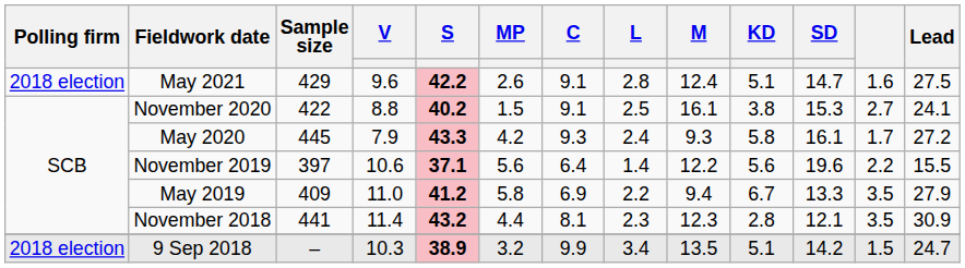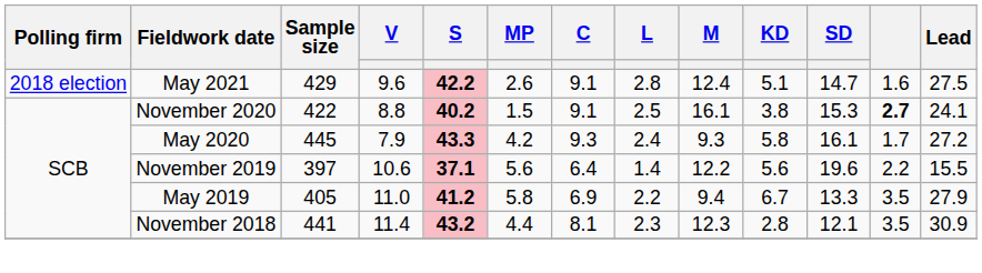 <table class="wikitable sortable" style="text-align:center;font-size:90%;line-height:14px;">
 <tr style="height:40px;">
 <th rowspan="2">Polling firm</th>
 <th rowspan="2">Fieldwork date</th>
 <th rowspan="2">Sample<br>size</th>
 <th class="sortable" style="width:40px;"><a href='#'>V</a></th>
 <th class="sortable" style="width:40px;"><a href='#'>S</a></th>
 <th class="sortable" style="width:40px;"><a href='#'>MP</a></th>
 <th class="sortable" style="width:40px;"><a href='#'>C</a></th>
 <th class="sortable" style="width:40px;"><a href='#'>L</a></th>
 <th class="sortable" style="width:40px;"><a href='#'>M</a></th>
 <th class="sortable" style="width:40px;"><a href='#'>KD</a></th>
 <th class="sortable" style="width:40px;"><a href='#'>SD</a></th>
 <th class="sortable" style="width:30px;" rowspan="2"></th>
 <th style="width:30px;" rowspan="2">Lead</th>
 </tr>
 <tr>
 <th style="background:"></th>
 <th style="background:"></th>
 <th style="background:"></th>
 <th style="background:"></th>
 <th style="background:"></th>
 <th style="background:"></th>
 <th style="background:"></th>
 <th style="background:"></th>
 </tr>
 <tr>
 <td><a href='#'>2018 election</a></td>
 <td>May 2021</td>
 <td>429</td>
 <td>9.6</td>
 <td style="background:#F9BDC5;"><strong>42.2</strong></td>
 <td>2.6</td>
 <td>9.1</td>
 <td>2.8</td>
 <td>12.4</td>
 <td>5.1</td>
 <td>14.7</td>
 <td>1.6</td>
 <td style="background:">27.5</td>
 </tr>
 <tr>
 <td rowspan="5">SCB</td>
 <td>November 2020</td>
 <td>422</td>
 <td>8.8</td>
 <td style="background:#F9BDC5;"><strong>40.2</strong></td>
 <td>1.5</td>
 <td>9.1</td>
 <td>2.5</td>
 <td>16.1</td>
 <td>3.8</td>
 <td>15.3</td>
-<td>2.7</td>
+<td><strong>2.7</strong></td>
 <td style="background:">24.1</td>
 </tr>
 <tr>
 <td>May 2020</td>
 <td>445</td>
 <td>7.9</td>
 <td style="background:#F9BDC5;"><strong>43.3</strong></td>
 <td>4.2</td>
 <td>9.3</td>
 <td>2.4</td>
 <td>9.3</td>
 <td>5.8</td>
 <td>16.1</td>
 <td>1.7</td>
 <td style="background:">27.2</td>
 </tr>
 <tr>
 <td>November 2019</td>
 <td>397</td>
 <td>10.6</td>
 <td style="background:#F9BDC5;"><strong>37.1</strong></td>
 <td>5.6</td>
 <td>6.4</td>
 <td>1.4</td>
 <td>12.2</td>
 <td>5.6</td>
 <td>19.6</td>
 <td>2.2</td>
 <td style="background:">15.5</td>
 </tr>
 <tr>
 <td>May 2019</td>
-<td>409</td>
+<td>405</td>
 <td>11.0</td>
 <td style="background:#F9BDC5;"><strong>41.2</strong></td>
 <td>5.8</td>
 <td>6.9</td>
 <td>2.2</td>
 <td>9.4</td>
 <td>6.7</td>
 <td>13.3</td>
 <td>3.5</td>
 <td style="background:">27.9</td>
 </tr>
 <tr>
 <td>November 2018</td>
 <td>441</td>
 <td>11.4</td>
 <td style="background:#F9BDC5;"><strong>43.2</strong></td>
 <td>4.4</td>
 <td>8.1</td>
 <td>2.3</td>
 <td>12.3</td>
 <td>2.8</td>
 <td>12.1</td>
 <td>3.5</td>
 <td style="background:">30.9</td>
 </tr>
 <tr>
 </tr>
-<tr style="background:#E9E9E9;">
-<td><a href='#'>2018 election</a></td>
-<td data-sort-value="2018-09-09">9 Sep 2018</td>
-<td>–</td>
-<td>10.3</td>
-<td style="background:#F9BDC5;"><strong>38.9</strong></td>
-<td>3.2</td>
-<td>9.9</td>
-<td>3.4</td>
-<td>13.5</td>
-<td>5.1</td>
-<td>14.2</td>
-<td>1.5</td>
-<td style="background:">24.7</td>
-</tr>
 </table>
